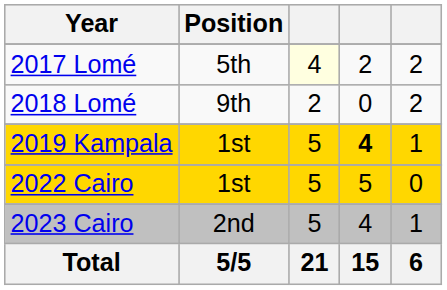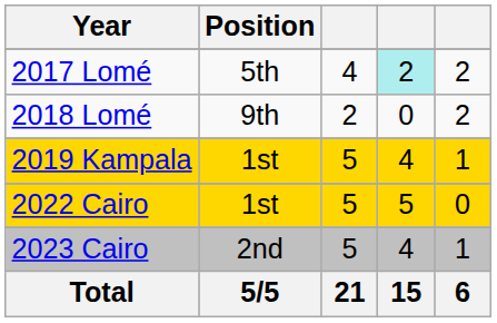 <table class="wikitable" style="text-align: center;">
 <tr>
 <th>Year</th>
 <th>Position</th>
 <th width=25px></th>
 <th width=25px></th>
 <th width=25px></th>
 </tr>
 <tr bgcolor="#FFD700">
 </tr>
 <tr>
 <td style="text-align: left;"> <a href='#'>2017 Lomé</a></td>
 <td>5th</td>
-<td style="background: lightyellow;">4</td>
-<td>2</td>
+<td>4</td>
+<td style="background: paleturquoise;">2</td>
 <td>2</td>
 </tr>
 <tr>
 <td style="text-align: left;"> <a href='#'>2018 Lomé</a></td>
 <td>9th</td>
 <td>2</td>
 <td>0</td>
 <td>2</td>
 </tr>
 <tr>
 </tr>
 <tr bgcolor="#FFD700">
 <td style="text-align: left;"> <a href='#'>2019 Kampala</a></td>
 <td>1st </td>
 <td>5</td>
-<td><strong>4</strong></td>
+<td>4</td>
 <td>1</td>
 </tr>
 <tr>
 </tr>
 <tr bgcolor="#FFD700">
 <td style="text-align: left;"> <a href='#'>2022 Cairo</a></td>
 <td>1st </td>
 <td>5</td>
 <td>5</td>
 <td>0</td>
 </tr>
 <tr>
 </tr>
 <tr bgcolor="silver">
 <td style="text-align: left;"> <a href='#'>2023 Cairo</a></td>
 <td>2nd </td>
 <td>5</td>
 <td>4</td>
 <td>1</td>
 </tr>
 <tr>
 <th>Total</th>
 <th>5/5</th>
 <th>21</th>
 <th>15</th>
 <th>6</th>
 </tr>
 </table>
